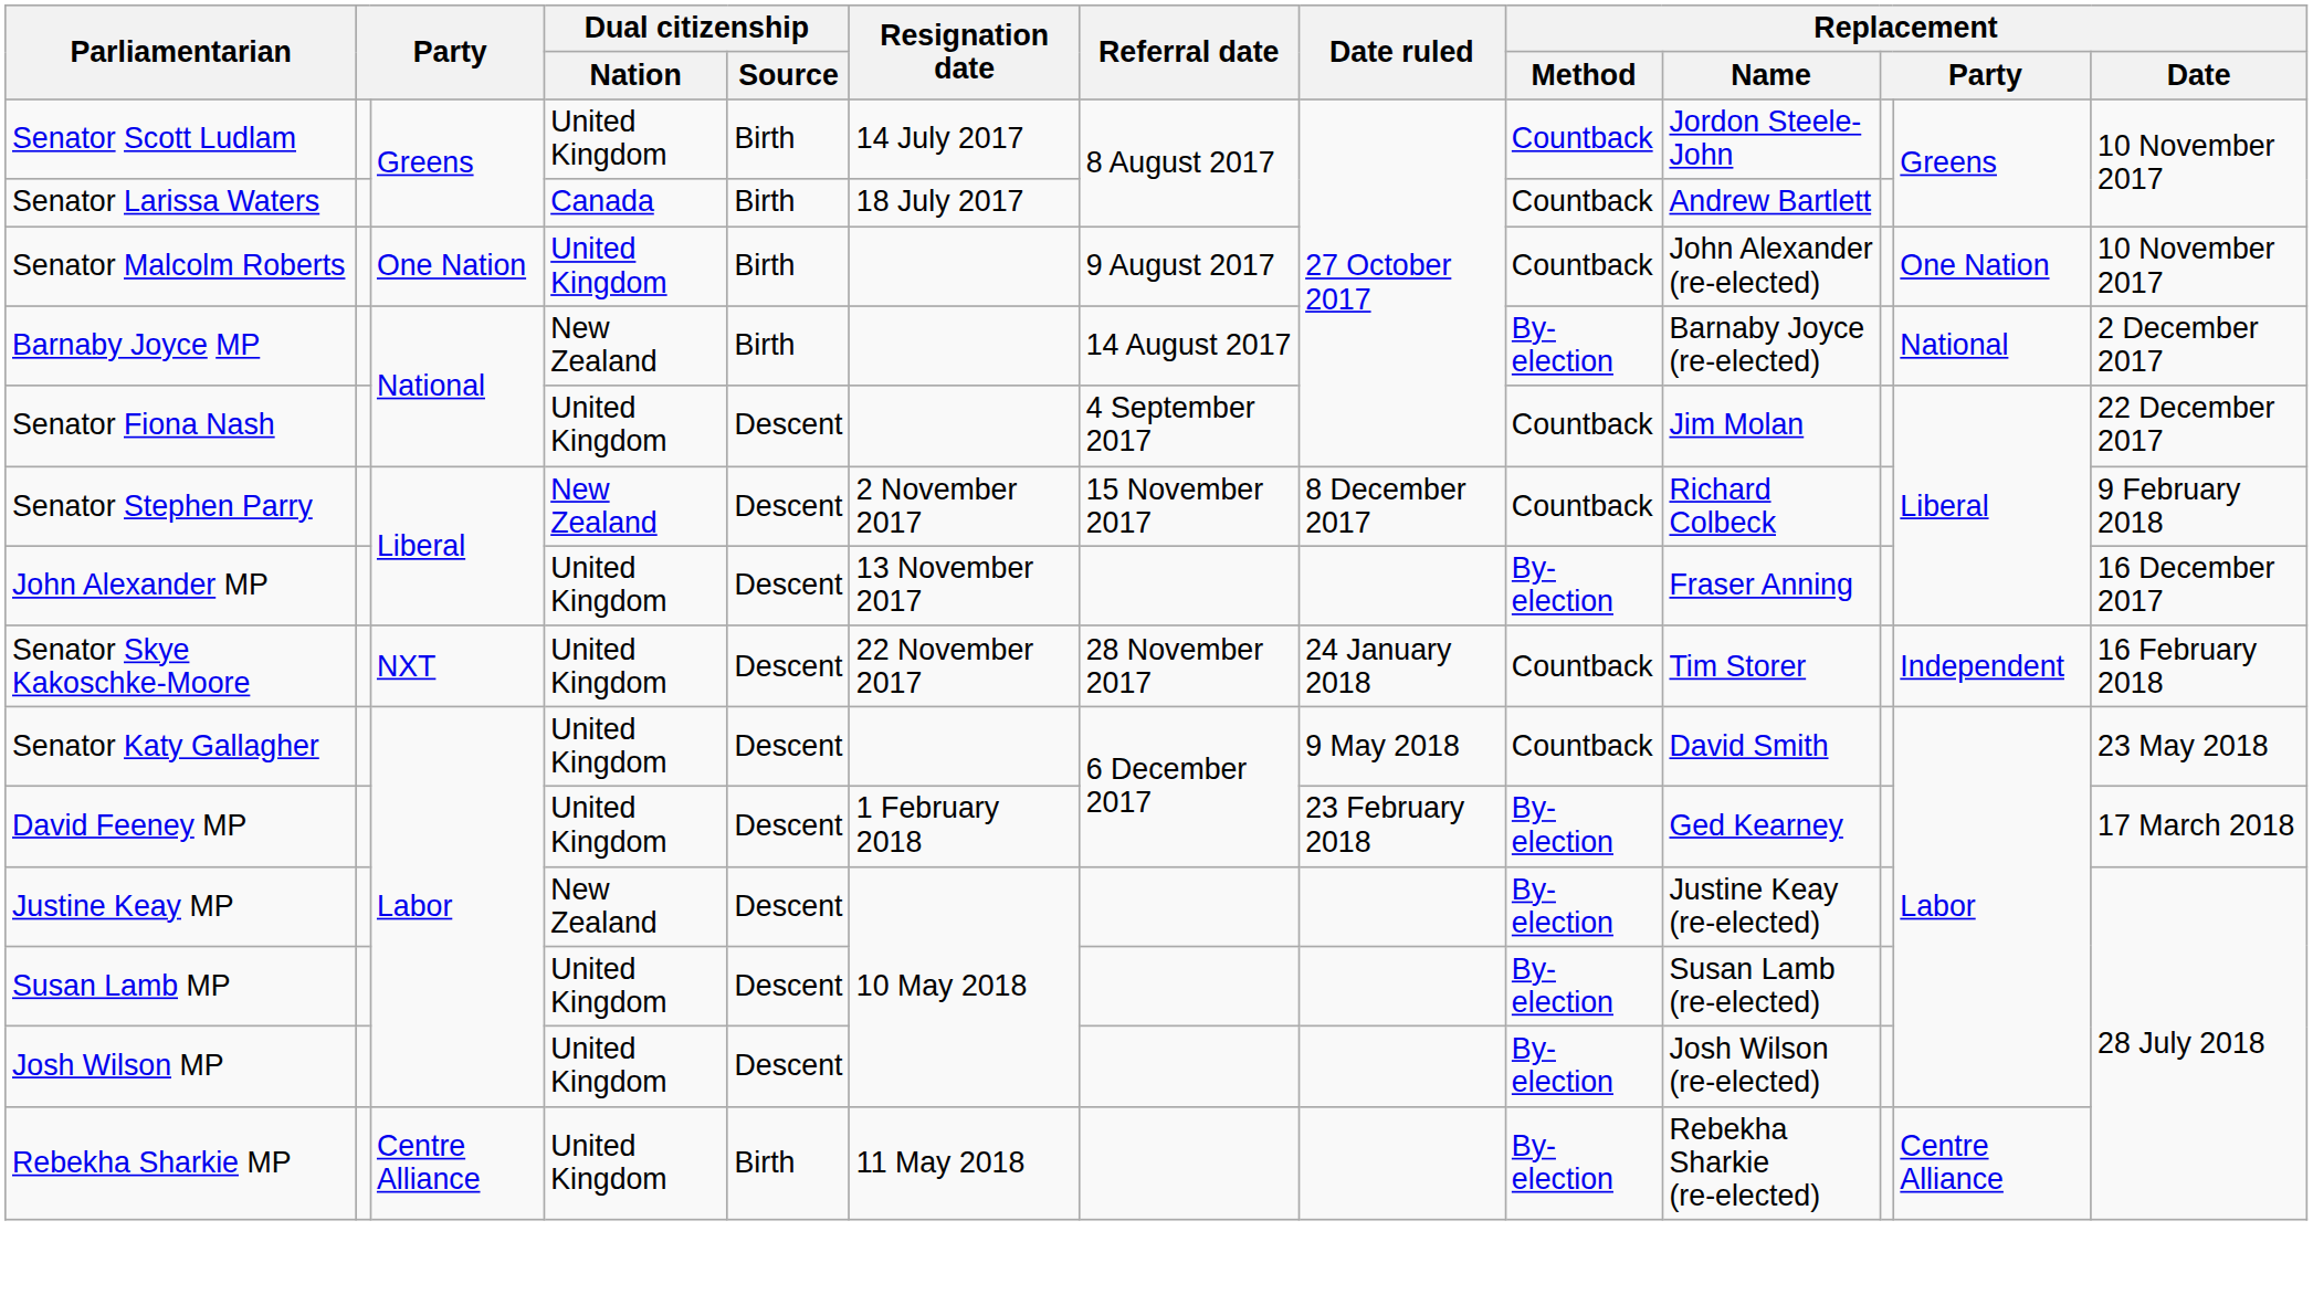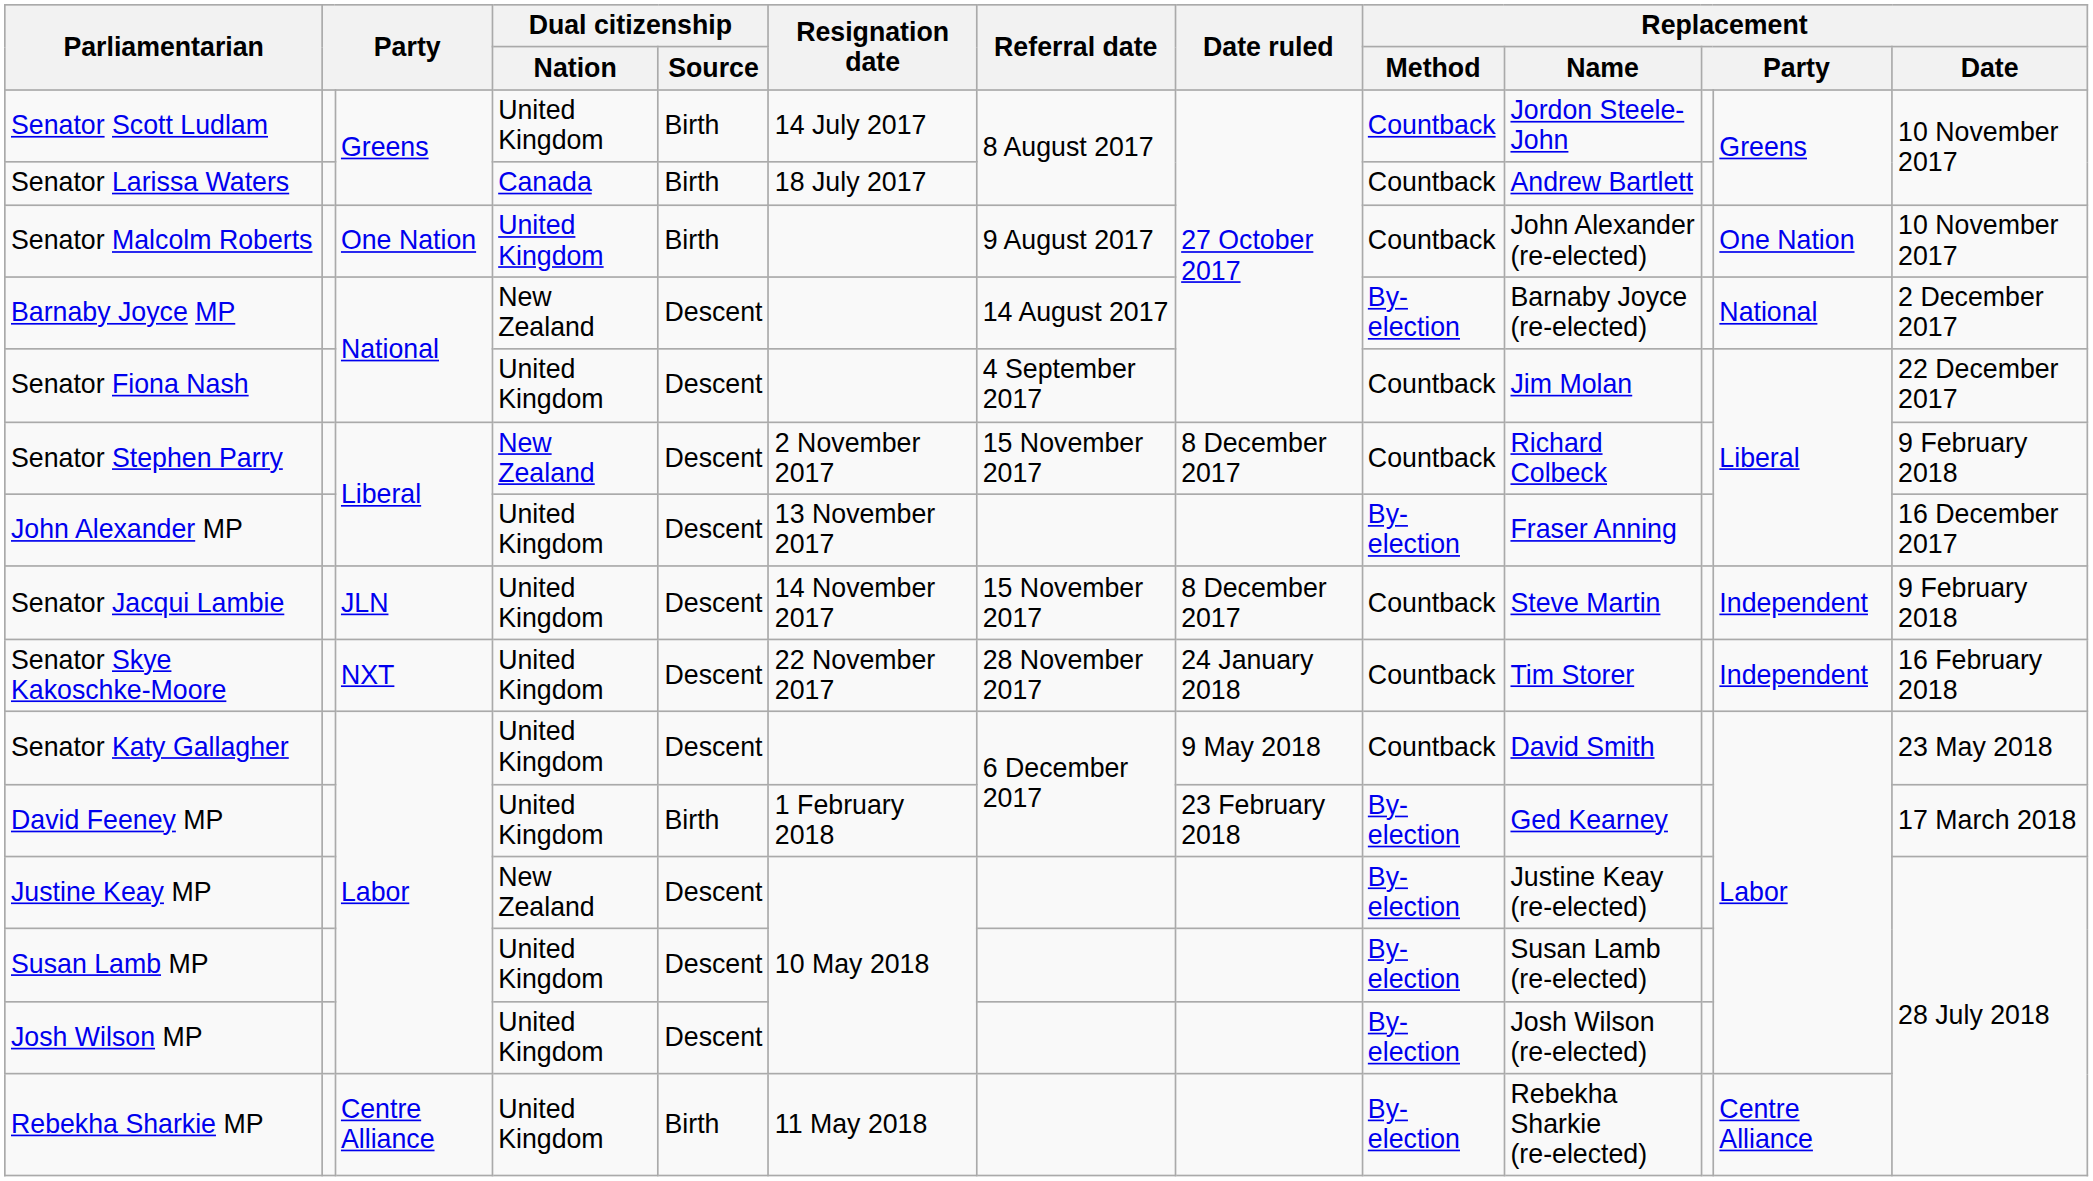 <table class="wikitable sortable" style="border: none;">
 <tr>
 <th rowspan="2">Parliamentarian</th>
 <th rowspan="2" colspan="2">Party</th>
 <th colspan="2">Dual citizenship</th>
 <th rowspan="2">Resignation date</th>
 <th rowspan="2">Referral date</th>
 <th rowspan="2">Date ruled</th>
 <th colspan="5">Replacement</th>
 </tr>
 <tr>
 <th>Nation</th>
 <th>Source</th>
 <th>Method</th>
 <th>Name</th>
 <th colspan="2">Party</th>
 <th>Date</th>
 </tr>
 <tr>
 <td><a href='#'>Senator</a> <a href='#'>Scott Ludlam</a></td>
 <td style="background-color:"></td>
 <td rowspan="2"><a href='#'>Greens</a></td>
 <td>United Kingdom</td>
 <td>Birth</td>
 <td>14 July 2017</td>
 <td rowspan="2">8 August 2017</td>
 <td rowspan="5"><a href='#'>27 October 2017</a></td>
 <td><a href='#'>Countback</a></td>
 <td><a href='#'>Jordon Steele-John</a></td>
 <td style="background-color:"></td>
 <td rowspan="2"><a href='#'>Greens</a></td>
 <td rowspan="2">10 November 2017</td>
 </tr>
 <tr>
 <td>Senator <a href='#'>Larissa Waters</a></td>
 <td style="background-color:"></td>
 <td><a href='#'>Canada</a></td>
 <td>Birth</td>
 <td>18 July 2017</td>
 <td>Countback</td>
 <td><a href='#'>Andrew Bartlett</a></td>
 <td style="background-color:"></td>
 </tr>
 <tr>
 <td>Senator <a href='#'>Malcolm Roberts</a></td>
 <td style="background-color:"></td>
 <td><a href='#'>One Nation</a></td>
 <td><a href='#'>United Kingdom</a></td>
 <td>Birth</td>
 <td></td>
 <td>9 August 2017</td>
 <td>Countback</td>
 <td>John Alexander<br>(re-elected)</td>
 <td style="background-color:"></td>
 <td><a href='#'>One Nation</a></td>
 <td>10 November 2017</td>
 </tr>
 <tr>
 <td><a href='#'>Barnaby Joyce</a> <a href='#'>MP</a></td>
 <td style="background-color:"></td>
 <td rowspan="2"><a href='#'>National</a></td>
 <td>New Zealand</td>
-<td>Birth</td>
+<td>Descent</td>
 <td></td>
 <td>14 August 2017</td>
 <td><a href='#'>By-election</a></td>
 <td>Barnaby Joyce<br>(re-elected)</td>
 <td style="background-color:"></td>
 <td><a href='#'>National</a></td>
 <td>2 December 2017</td>
 </tr>
 <tr>
 <td>Senator <a href='#'>Fiona Nash</a></td>
 <td style="background-color:"></td>
 <td>United Kingdom</td>
 <td>Descent</td>
 <td></td>
 <td>4 September 2017</td>
 <td>Countback</td>
 <td><a href='#'>Jim Molan</a></td>
 <td style="background-color:"></td>
 <td rowspan="3"><a href='#'>Liberal</a></td>
 <td>22 December 2017</td>
 </tr>
 <tr>
 <td>Senator <a href='#'>Stephen Parry</a></td>
 <td style="background-color:"></td>
 <td rowspan="2"><a href='#'>Liberal</a></td>
 <td><a href='#'>New Zealand</a></td>
 <td>Descent</td>
 <td>2 November 2017</td>
 <td>15 November 2017</td>
 <td>8 December 2017</td>
 <td>Countback</td>
 <td><a href='#'>Richard Colbeck</a></td>
 <td style="background-color:"></td>
 <td>9 February 2018</td>
 </tr>
 <tr>
 <td><a href='#'>John Alexander</a> MP</td>
 <td style="background-color:"></td>
 <td>United Kingdom</td>
 <td>Descent</td>
 <td>13 November 2017</td>
 <td></td>
 <td></td>
 <td><a href='#'>By-election</a></td>
 <td><a href='#'>Fraser Anning</a></td>
 <td style="background-color:"></td>
 <td>16 December 2017</td>
 </tr>
 <tr>
+<td>Senator <a href='#'>Jacqui Lambie</a></td>
+<td style="background-color:"></td>
+<td><a href='#'>JLN</a></td>
+<td>United Kingdom</td>
+<td>Descent</td>
+<td>14 November 2017</td>
+<td>15 November 2017</td>
+<td>8 December 2017</td>
+<td>Countback</td>
+<td><a href='#'>Steve Martin</a></td>
+<td style="background-color:"></td>
+<td><a href='#'>Independent</a></td>
+<td>9 February 2018</td>
+</tr>
+<tr>
 <td>Senator <a href='#'>Skye Kakoschke-Moore</a></td>
 <td style="background-color:"></td>
 <td><a href='#'>NXT</a></td>
 <td>United Kingdom</td>
 <td>Descent</td>
 <td>22 November 2017</td>
 <td>28 November 2017</td>
 <td>24 January 2018</td>
 <td>Countback</td>
 <td><a href='#'>Tim Storer</a></td>
 <td style="background-color:"></td>
 <td><a href='#'>Independent</a></td>
 <td>16 February 2018</td>
 </tr>
 <tr>
 <td>Senator <a href='#'>Katy Gallagher</a></td>
 <td style="background-color:"></td>
 <td rowspan="5"><a href='#'>Labor</a></td>
 <td>United Kingdom</td>
 <td>Descent</td>
 <td></td>
 <td rowspan="2">6 December 2017</td>
 <td>9 May 2018</td>
 <td>Countback</td>
 <td><a href='#'>David Smith</a></td>
 <td style="background-color:"></td>
 <td rowspan="5"><a href='#'>Labor</a></td>
 <td>23 May 2018</td>
 </tr>
 <tr>
 <td><a href='#'>David Feeney</a> MP</td>
 <td style="background-color:"></td>
 <td>United Kingdom</td>
-<td>Descent</td>
+<td>Birth</td>
 <td>1 February 2018</td>
 <td>23 February 2018</td>
 <td><a href='#'>By-election</a></td>
 <td><a href='#'>Ged Kearney</a></td>
 <td style="background-color:"></td>
 <td>17 March 2018</td>
 </tr>
 <tr>
 <td><a href='#'>Justine Keay</a> MP</td>
 <td style="background-color:"></td>
 <td>New Zealand</td>
 <td>Descent</td>
 <td rowspan="3">10 May 2018</td>
 <td></td>
 <td></td>
 <td><a href='#'>By-election</a></td>
 <td>Justine Keay<br>(re-elected)</td>
 <td style="background-color:"></td>
 <td rowspan="4">28 July 2018</td>
 </tr>
 <tr>
 <td><a href='#'>Susan Lamb</a> MP</td>
 <td style="background-color:"></td>
 <td>United Kingdom</td>
 <td>Descent</td>
 <td></td>
 <td></td>
 <td><a href='#'>By-election</a></td>
 <td>Susan Lamb<br>(re-elected)</td>
 <td style="background-color:"></td>
 </tr>
 <tr>
 <td><a href='#'>Josh Wilson</a> MP</td>
 <td style="background-color:"></td>
 <td>United Kingdom</td>
 <td>Descent</td>
 <td></td>
 <td></td>
 <td><a href='#'>By-election</a></td>
 <td>Josh Wilson<br>(re-elected)</td>
 <td style="background-color:"></td>
 </tr>
 <tr>
 <td><a href='#'>Rebekha Sharkie</a> MP</td>
 <td style="background-color:"></td>
 <td><a href='#'>Centre Alliance</a></td>
 <td>United Kingdom</td>
 <td>Birth</td>
 <td>11 May 2018</td>
 <td></td>
 <td></td>
 <td><a href='#'>By-election</a></td>
 <td>Rebekha Sharkie<br>(re-elected)</td>
 <td style="background-color:"></td>
 <td><a href='#'>Centre Alliance</a></td>
 </tr>
 </table>
